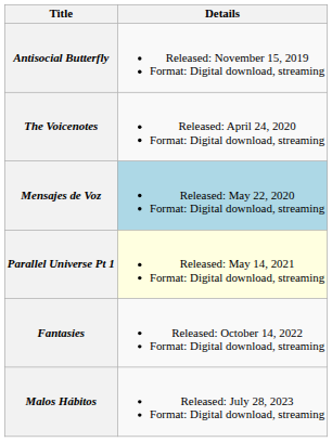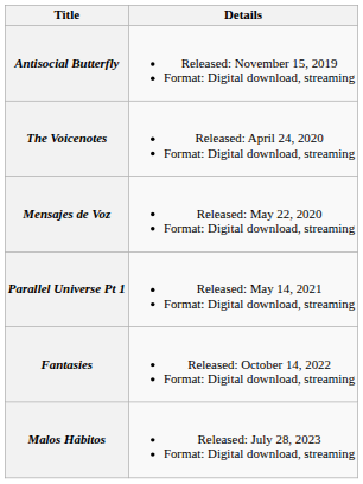 <table class="wikitable plainrowheaders" style="text-align:center;" border="1">
 <tr>
 <th>Title</th>
 <th>Details</th>
 </tr>
 <tr>
 <th scope="row"><em>Antisocial Butterfly</em></th>
 <td><br><ul><li>Released: November 15, 2019</li><li>Format: Digital download, streaming</li></ul></td>
 </tr>
 <tr>
 <th scope="row"><em>The Voicenotes</em></th>
 <td><br><ul><li>Released: April 24, 2020</li><li>Format: Digital download, streaming</li></ul></td>
 </tr>
 <tr>
 <th scope="row"><em>Mensajes de Voz</em></th>
-<td style="background: lightblue;"><br><ul><li>Released: May 22, 2020</li><li>Format: Digital download, streaming</li></ul></td>
+<td><br><ul><li>Released: May 22, 2020</li><li>Format: Digital download, streaming</li></ul></td>
 </tr>
 <tr>
 <th scope="row"><em>Parallel Universe Pt 1</em></th>
-<td style="background: lightyellow;"><br><ul><li>Released: May 14, 2021</li><li>Format: Digital download, streaming</li></ul></td>
+<td><br><ul><li>Released: May 14, 2021</li><li>Format: Digital download, streaming</li></ul></td>
 </tr>
 <tr>
 <th scope="row"><em>Fantasies</em></th>
 <td><br><ul><li>Released: October 14, 2022</li><li>Format: Digital download, streaming</li></ul></td>
 </tr>
 <tr>
 <th scope="row"><em>Malos Hábitos</em></th>
 <td><br><ul><li>Released: July 28, 2023</li><li>Format: Digital download, streaming</li></ul></td>
 </tr>
 </table>
